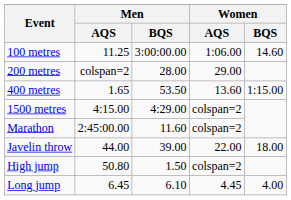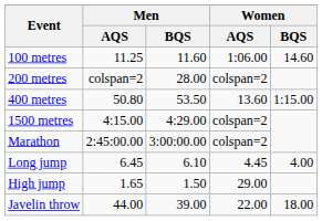 <table class="wikitable" style="text-align:right;">
 <tr>
 </tr>
 <tr>
 <th rowspan=2>Event</th>
 <th colspan=2>Men</th>
 <th colspan=2>Women</th>
 </tr>
 <tr>
 <th>AQS</th>
 <th>BQS</th>
 <th>AQS</th>
 <th>BQS</th>
 </tr>
 <tr>
 <td style="text-align:left;"><a href='#'>100 metres</a></td>
 <td>11.25</td>
-<td>3:00:00.00</td>
+<td>11.60</td>
 <td>1:06.00</td>
 <td>14.60</td>
 </tr>
 <tr>
 <td style="text-align:left;"><a href='#'>200 metres</a></td>
 <td>colspan=2 </td>
 <td>28.00</td>
-<td>29.00</td>
+<td>colspan=2 </td>
 </tr>
 <tr>
 <td style="text-align:left;"><a href='#'>400 metres</a></td>
-<td>1.65</td>
+<td>50.80</td>
 <td>53.50</td>
 <td>13.60</td>
 <td>1:15.00</td>
 </tr>
 <tr>
 <td style="text-align:left;"><a href='#'>1500 metres</a></td>
 <td>4:15.00</td>
 <td>4:29.00</td>
 <td>colspan=2 </td>
 </tr>
 <tr>
 <td style="text-align:left;"><a href='#'>Marathon</a></td>
 <td>2:45:00.00</td>
-<td>11.60</td>
-<td>colspan=2 </td>
-</tr>
-<tr>
-<td style="text-align:left;"><a href='#'>Javelin throw</a></td>
-<td>44.00</td>
-<td>39.00</td>
-<td>22.00</td>
-<td>18.00</td>
-</tr>
-<tr>
-<td style="text-align:left;"><a href='#'>High jump</a></td>
-<td>50.80</td>
-<td>1.50</td>
+<td>3:00:00.00</td>
 <td>colspan=2 </td>
 </tr>
 <tr>
 <td style="text-align:left;"><a href='#'>Long jump</a></td>
 <td>6.45</td>
 <td>6.10</td>
 <td>4.45</td>
 <td>4.00</td>
 </tr>
+<tr>
+<td style="text-align:left;"><a href='#'>High jump</a></td>
+<td>1.65</td>
+<td>1.50</td>
+<td>29.00</td>
+</tr>
+<tr>
+<td style="text-align:left;"><a href='#'>Javelin throw</a></td>
+<td>44.00</td>
+<td>39.00</td>
+<td>22.00</td>
+<td>18.00</td>
+</tr>
 </table>
